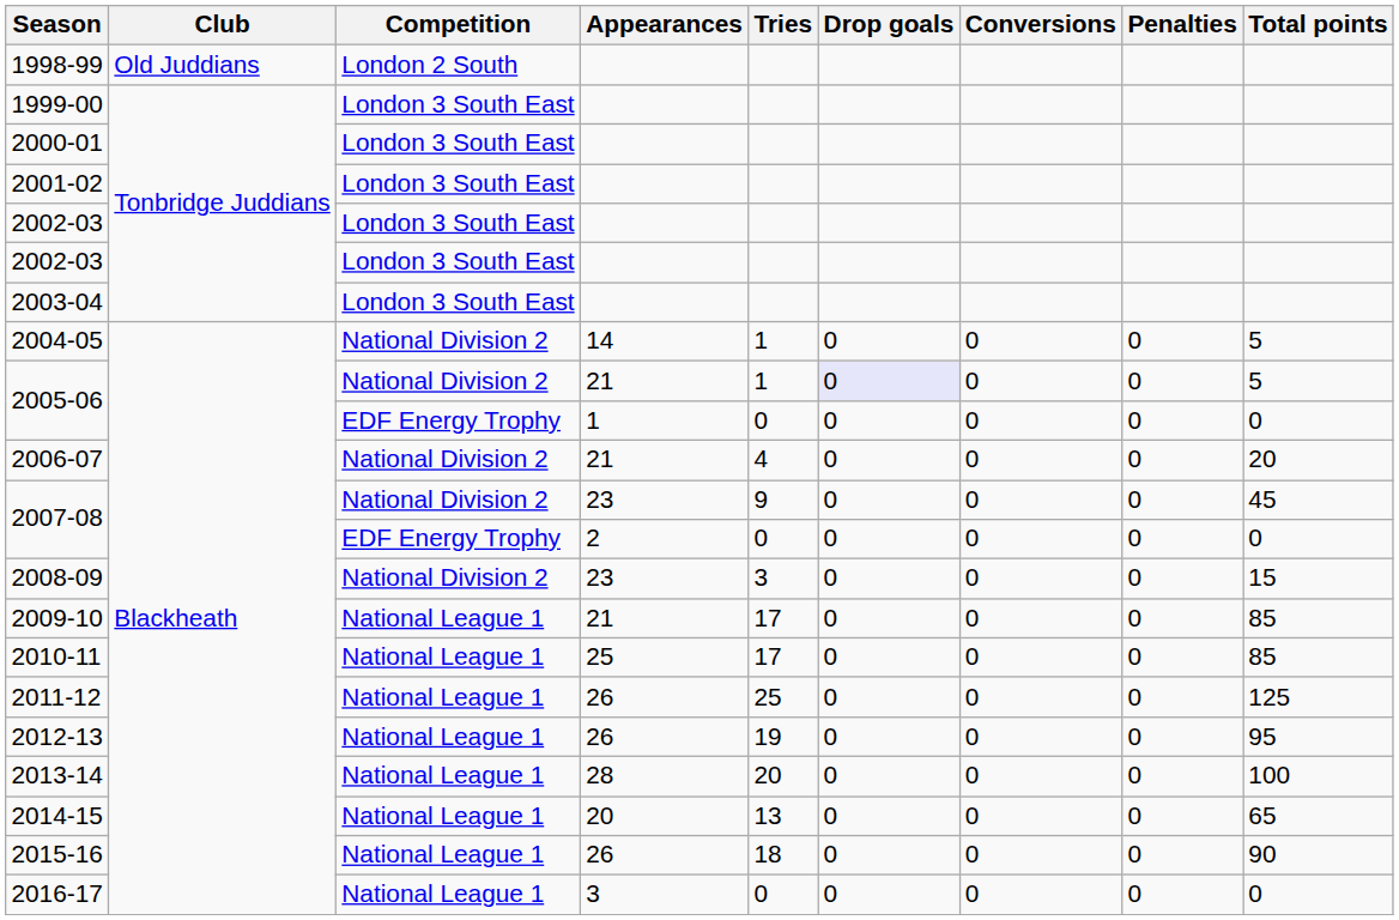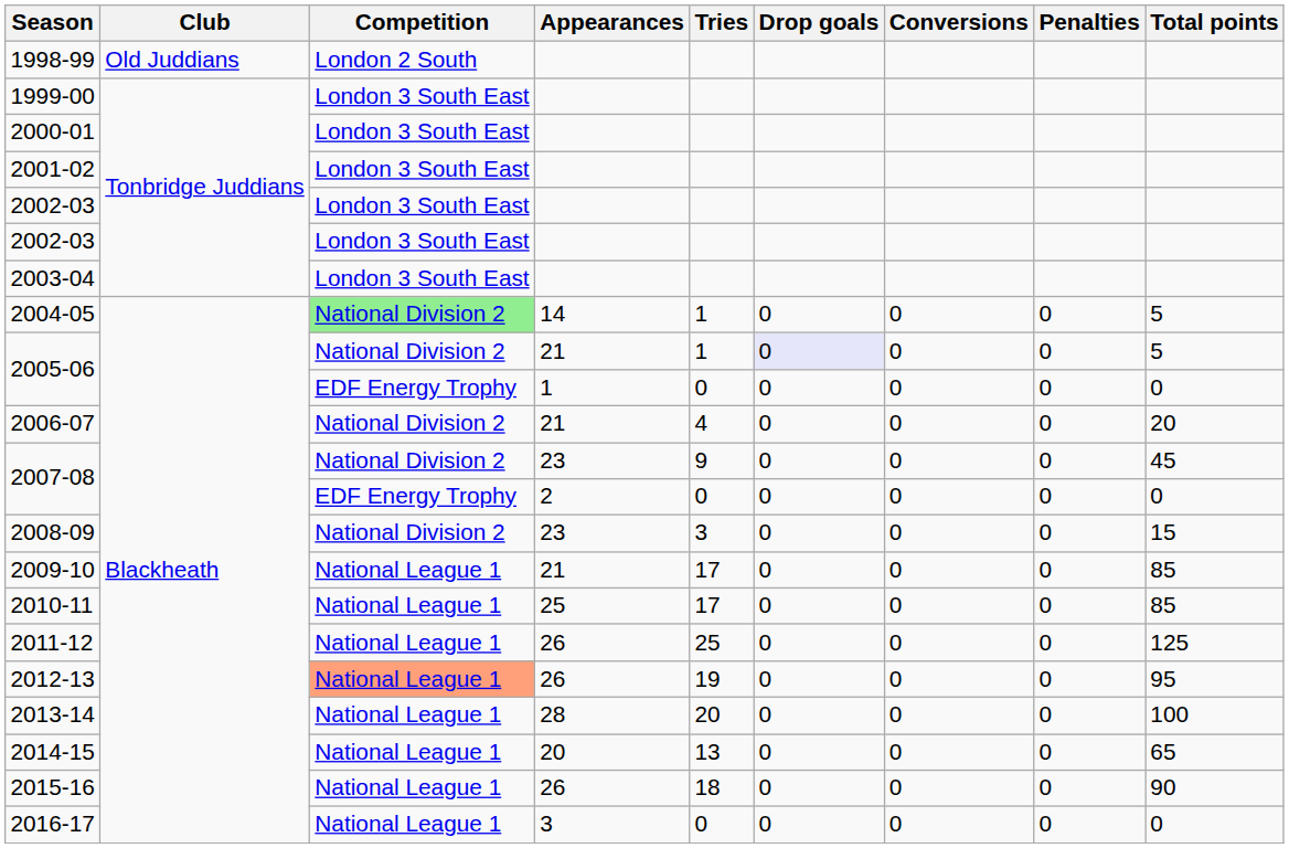 <table class="wikitable sortable">
 <tr>
 <th>Season</th>
 <th>Club</th>
 <th>Competition</th>
 <th>Appearances</th>
 <th>Tries</th>
 <th>Drop goals</th>
 <th>Conversions</th>
 <th>Penalties</th>
 <th>Total points</th>
 </tr>
 <tr>
 <td>1998-99</td>
 <td><a href='#'>Old Juddians</a></td>
 <td><a href='#'>London 2 South</a></td>
 <td></td>
 <td></td>
 <td></td>
 <td></td>
 <td></td>
 <td></td>
 </tr>
 <tr>
 <td>1999-00</td>
 <td rowspan=6><a href='#'>Tonbridge Juddians</a></td>
 <td><a href='#'>London 3 South East</a></td>
 <td></td>
 <td></td>
 <td></td>
 <td></td>
 <td></td>
 <td></td>
 </tr>
 <tr>
 <td>2000-01</td>
 <td><a href='#'>London 3 South East</a></td>
 <td></td>
 <td></td>
 <td></td>
 <td></td>
 <td></td>
 <td></td>
 </tr>
 <tr>
 <td>2001-02</td>
 <td><a href='#'>London 3 South East</a></td>
 <td></td>
 <td></td>
 <td></td>
 <td></td>
 <td></td>
 <td></td>
 </tr>
 <tr>
 <td>2002-03</td>
 <td><a href='#'>London 3 South East</a></td>
 <td></td>
 <td></td>
 <td></td>
 <td></td>
 <td></td>
 <td></td>
 </tr>
 <tr>
 <td>2002-03</td>
 <td><a href='#'>London 3 South East</a></td>
 <td></td>
 <td></td>
 <td></td>
 <td></td>
 <td></td>
 <td></td>
 </tr>
 <tr>
 <td>2003-04</td>
 <td><a href='#'>London 3 South East</a></td>
 <td></td>
 <td></td>
 <td></td>
 <td></td>
 <td></td>
 <td></td>
 </tr>
 <tr>
 <td>2004-05</td>
 <td rowspan=15><a href='#'>Blackheath</a></td>
-<td><a href='#'>National Division 2</a></td>
+<td style="background: lightgreen;"><a href='#'>National Division 2</a></td>
 <td>14</td>
 <td>1</td>
 <td>0</td>
 <td>0</td>
 <td>0</td>
 <td>5</td>
 </tr>
 <tr>
 <td rowspan=2>2005-06</td>
 <td><a href='#'>National Division 2</a></td>
 <td>21</td>
 <td>1</td>
 <td style="background: lavender;">0</td>
 <td>0</td>
 <td>0</td>
 <td>5</td>
 </tr>
 <tr>
 <td><a href='#'>EDF Energy Trophy</a></td>
 <td>1</td>
 <td>0</td>
 <td>0</td>
 <td>0</td>
 <td>0</td>
 <td>0</td>
 </tr>
 <tr>
 <td>2006-07</td>
 <td><a href='#'>National Division 2</a></td>
 <td>21</td>
 <td>4</td>
 <td>0</td>
 <td>0</td>
 <td>0</td>
 <td>20</td>
 </tr>
 <tr>
 <td rowspan=2>2007-08</td>
 <td><a href='#'>National Division 2</a></td>
 <td>23</td>
 <td>9</td>
 <td>0</td>
 <td>0</td>
 <td>0</td>
 <td>45</td>
 </tr>
 <tr>
 <td><a href='#'>EDF Energy Trophy</a></td>
 <td>2</td>
 <td>0</td>
 <td>0</td>
 <td>0</td>
 <td>0</td>
 <td>0</td>
 </tr>
 <tr>
 <td>2008-09</td>
 <td><a href='#'>National Division 2</a></td>
 <td>23</td>
 <td>3</td>
 <td>0</td>
 <td>0</td>
 <td>0</td>
 <td>15</td>
 </tr>
 <tr>
 <td>2009-10</td>
 <td><a href='#'>National League 1</a></td>
 <td>21</td>
 <td>17</td>
 <td>0</td>
 <td>0</td>
 <td>0</td>
 <td>85</td>
 </tr>
 <tr>
 <td>2010-11</td>
 <td><a href='#'>National League 1</a></td>
 <td>25</td>
 <td>17</td>
 <td>0</td>
 <td>0</td>
 <td>0</td>
 <td>85</td>
 </tr>
 <tr>
 <td>2011-12</td>
 <td><a href='#'>National League 1</a></td>
 <td>26</td>
 <td>25</td>
 <td>0</td>
 <td>0</td>
 <td>0</td>
 <td>125</td>
 </tr>
 <tr>
 <td>2012-13</td>
-<td><a href='#'>National League 1</a></td>
+<td style="background: lightsalmon;"><a href='#'>National League 1</a></td>
 <td>26</td>
 <td>19</td>
 <td>0</td>
 <td>0</td>
 <td>0</td>
 <td>95</td>
 </tr>
 <tr>
 <td>2013-14</td>
 <td><a href='#'>National League 1</a></td>
 <td>28</td>
 <td>20</td>
 <td>0</td>
 <td>0</td>
 <td>0</td>
 <td>100</td>
 </tr>
 <tr>
 <td>2014-15</td>
 <td><a href='#'>National League 1</a></td>
 <td>20</td>
 <td>13</td>
 <td>0</td>
 <td>0</td>
 <td>0</td>
 <td>65</td>
 </tr>
 <tr>
 <td>2015-16</td>
 <td><a href='#'>National League 1</a></td>
 <td>26</td>
 <td>18</td>
 <td>0</td>
 <td>0</td>
 <td>0</td>
 <td>90</td>
 </tr>
 <tr>
 <td>2016-17</td>
 <td><a href='#'>National League 1</a></td>
 <td>3</td>
 <td>0</td>
 <td>0</td>
 <td>0</td>
 <td>0</td>
 <td>0</td>
 </tr>
 <tr>
 </tr>
 </table>
